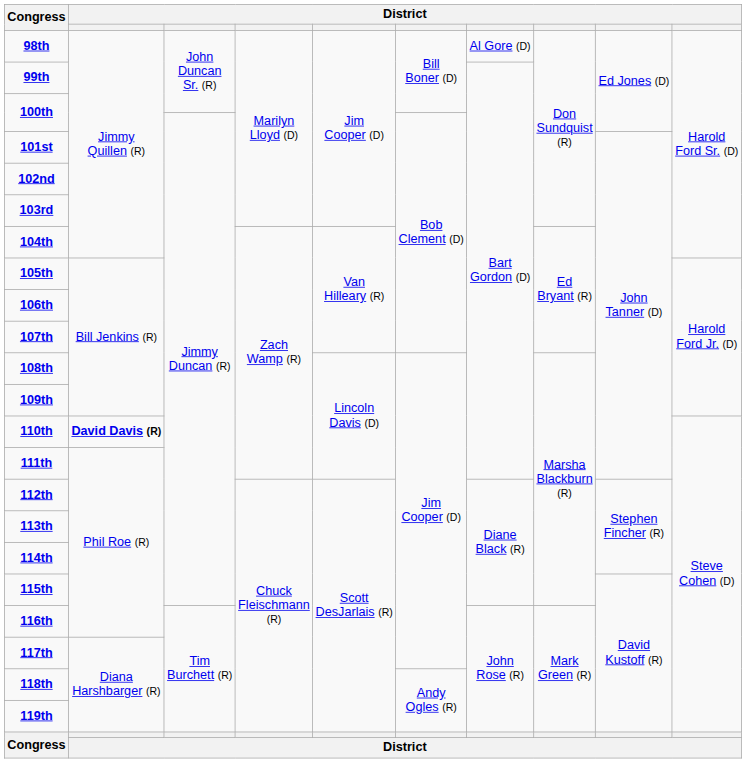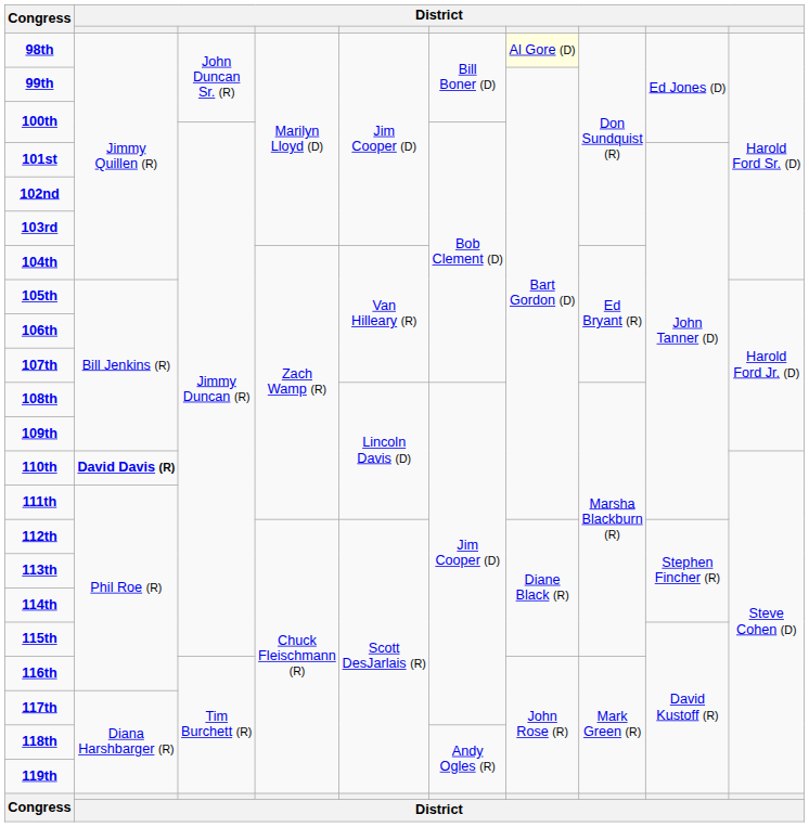 <table class=wikitable style="text-align:center">
 <tr>
 <th rowspan=2>Congress</th>
 <th colspan=9>District</th>
 </tr>
 <tr>
 <th></th>
 <th></th>
 <th></th>
 <th></th>
 <th></th>
 <th></th>
 <th></th>
 <th></th>
 <th></th>
 </tr>
 <tr style="height:2.5em">
 <td><strong><a href='#'>98th</a></strong> </td>
 <td rowspan=8 ><a href='#'>Jimmy<br>Quillen</a> <small>(R)</small></td>
 <td rowspan=3 ><a href='#'>John<br>Duncan<br>Sr.</a> <small>(R)</small></td>
 <td rowspan=7 ><a href='#'>Marilyn<br>Lloyd</a> <small>(D)</small></td>
 <td rowspan=7 ><a href='#'>Jim<br>Cooper</a> <small>(D)</small></td>
 <td rowspan=3 ><a href='#'>Bill<br>Boner</a> <small>(D)</small></td>
-<td><a href='#'>Al Gore</a> <small>(D)</small></td>
+<td style="background: lightyellow;"><a href='#'>Al Gore</a> <small>(D)</small></td>
 <td rowspan=7 ><a href='#'>Don<br>Sundquist</a><br><small>(R)</small></td>
 <td rowspan=4 ><a href='#'>Ed Jones</a> <small>(D)</small></td>
 <td rowspan=8 ><a href='#'>Harold<br>Ford Sr.</a> <small>(D)</small></td>
 </tr>
 <tr style="height:2.5em">
 <td><strong><a href='#'>99th</a></strong> </td>
 <td rowspan=14 ><a href='#'>Bart<br>Gordon</a> <small>(D)</small></td>
 </tr>
 <tr style="height:1.5em">
 <td rowspan=2><strong><a href='#'>100th</a></strong> </td>
 </tr>
 <tr style="height:1.5em">
 <td rowspan=16 ><a href='#'>Jimmy<br>Duncan</a> <small>(R)</small></td>
 <td rowspan=8 ><a href='#'>Bob<br>Clement</a> <small>(D)</small></td>
 </tr>
 <tr style="height:2.5em">
 <td><strong><a href='#'>101st</a></strong> </td>
 <td rowspan=11 ><a href='#'>John<br>Tanner</a> <small>(D)</small></td>
 </tr>
 <tr style="height:2.5em">
 <td><strong><a href='#'>102nd</a></strong> </td>
 </tr>
 <tr style="height:2.5em">
 <td><strong><a href='#'>103rd</a></strong> </td>
 </tr>
 <tr style="height:2.5em">
 <td><strong><a href='#'>104th</a></strong> </td>
 <td rowspan=8 ><a href='#'>Zach<br>Wamp</a> <small>(R)</small></td>
 <td rowspan=4 ><a href='#'>Van<br>Hilleary</a> <small>(R)</small></td>
 <td rowspan=4 ><a href='#'>Ed<br>Bryant</a> <small>(R)</small></td>
 </tr>
 <tr style="height:2.5em">
 <td><strong><a href='#'>105th</a></strong> </td>
 <td rowspan=5 ><a href='#'>Bill Jenkins</a> <small>(R)</small></td>
 <td rowspan=5 ><a href='#'>Harold<br>Ford Jr.</a> <small>(D)</small></td>
 </tr>
 <tr style="height:2.5em">
 <td><strong><a href='#'>106th</a></strong> </td>
 </tr>
 <tr style="height:2.5em">
 <td><strong><a href='#'>107th</a></strong> </td>
 </tr>
 <tr style="height:2.5em">
 <td><strong><a href='#'>108th</a></strong> </td>
 <td rowspan=4 ><a href='#'>Lincoln<br>Davis</a> <small>(D)</small></td>
 <td rowspan=10 ><a href='#'>Jim<br>Cooper</a> <small>(D)</small></td>
 <td rowspan=8 ><a href='#'>Marsha<br>Blackburn</a><br><small>(R)</small></td>
 </tr>
 <tr style="height:2.5em">
 <td><strong><a href='#'>109th</a></strong> </td>
 </tr>
 <tr style="height:2.5em">
 <td><strong><a href='#'>110th</a></strong> </td>
 <td><strong><a href='#'>David Davis</a> <small>(R)</small></strong></td>
 <td rowspan=10 ><a href='#'>Steve<br>Cohen</a> <small>(D)</small></td>
 </tr>
 <tr style="height:2.5em">
 <td><strong><a href='#'>111th</a></strong> </td>
 <td rowspan=6 ><a href='#'>Phil Roe</a> <small>(R)</small></td>
 </tr>
 <tr style="height:2.5em">
 <td><strong><a href='#'>112th</a></strong> </td>
 <td rowspan=8 ><a href='#'>Chuck<br>Fleischmann</a><br><small>(R)</small></td>
 <td rowspan=8 ><a href='#'>Scott<br>DesJarlais</a> <small>(R)</small></td>
 <td rowspan=4 ><a href='#'>Diane<br>Black</a> <small>(R)</small></td>
 <td rowspan=3 ><a href='#'>Stephen<br>Fincher</a> <small>(R)</small></td>
 </tr>
 <tr style="height:2.5em">
 <td><strong><a href='#'>113th</a></strong> </td>
 </tr>
 <tr style="height:2.5em">
 <td><strong><a href='#'>114th</a></strong> </td>
 </tr>
 <tr style="height:2.5em">
 <td><strong><a href='#'>115th</a></strong> </td>
 <td rowspan=5 ><a href='#'>David<br>Kustoff</a> <small>(R)</small></td>
 </tr>
 <tr style="height:2.5em">
 <td><strong><a href='#'>116th</a></strong> </td>
 <td rowspan=4 ><a href='#'>Tim<br>Burchett</a> <small>(R)</small></td>
 <td rowspan=4 ><a href='#'>John<br>Rose</a> <small>(R)</small></td>
 <td rowspan=4 ><a href='#'>Mark<br>Green</a> <small>(R)</small></td>
 </tr>
 <tr style="height:2.5em">
 <td><strong><a href='#'>117th</a></strong> </td>
 <td rowspan=3 ><a href='#'>Diana<br>Harshbarger</a> <small>(R)</small></td>
 </tr>
 <tr style="height:2.5em">
 <td><strong><a href='#'>118th</a></strong> </td>
 <td rowspan=2 ><a href='#'>Andy<br>Ogles</a> <small>(R)</small></td>
 </tr>
 <tr style="height:2.5em">
 <td><strong><a href='#'>119th</a></strong> </td>
 </tr>
 <tr>
 <th rowspan=2>Congress</th>
 <th></th>
 <th></th>
 <th></th>
 <th></th>
 <th></th>
 <th></th>
 <th></th>
 <th></th>
 <th></th>
 </tr>
 <tr>
 <th colspan=9>District</th>
 </tr>
 </table>
